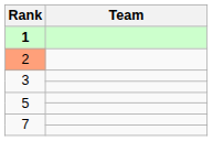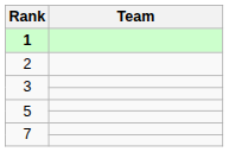 <table class="wikitable" style="text-align: center;">
 <tr>
 <th width=40>Rank</th>
 <th width=180>Team</th>
 </tr>
 <tr align=center bgcolor=#ccffcc>
 <td><strong>1</strong></td>
 <td style="text-align:left;"></td>
 </tr>
 <tr align=center>
-<td style="background: lightsalmon;">2</td>
+<td>2</td>
 <td style="text-align:left;"></td>
 </tr>
 <tr align=center>
 <td rowspan=2>3</td>
 <td style="text-align:left;"></td>
 </tr>
 <tr align=center>
 <td style="text-align:left;"></td>
 </tr>
 <tr align=center>
 <td rowspan=2>5</td>
 <td style="text-align:left;"></td>
 </tr>
 <tr align=center>
 <td style="text-align:left;"></td>
 </tr>
 <tr align=center>
 <td rowspan=2>7</td>
 <td style="text-align:left;"></td>
 </tr>
 <tr align=center>
 <td style="text-align:left;"></td>
 </tr>
 </table>
